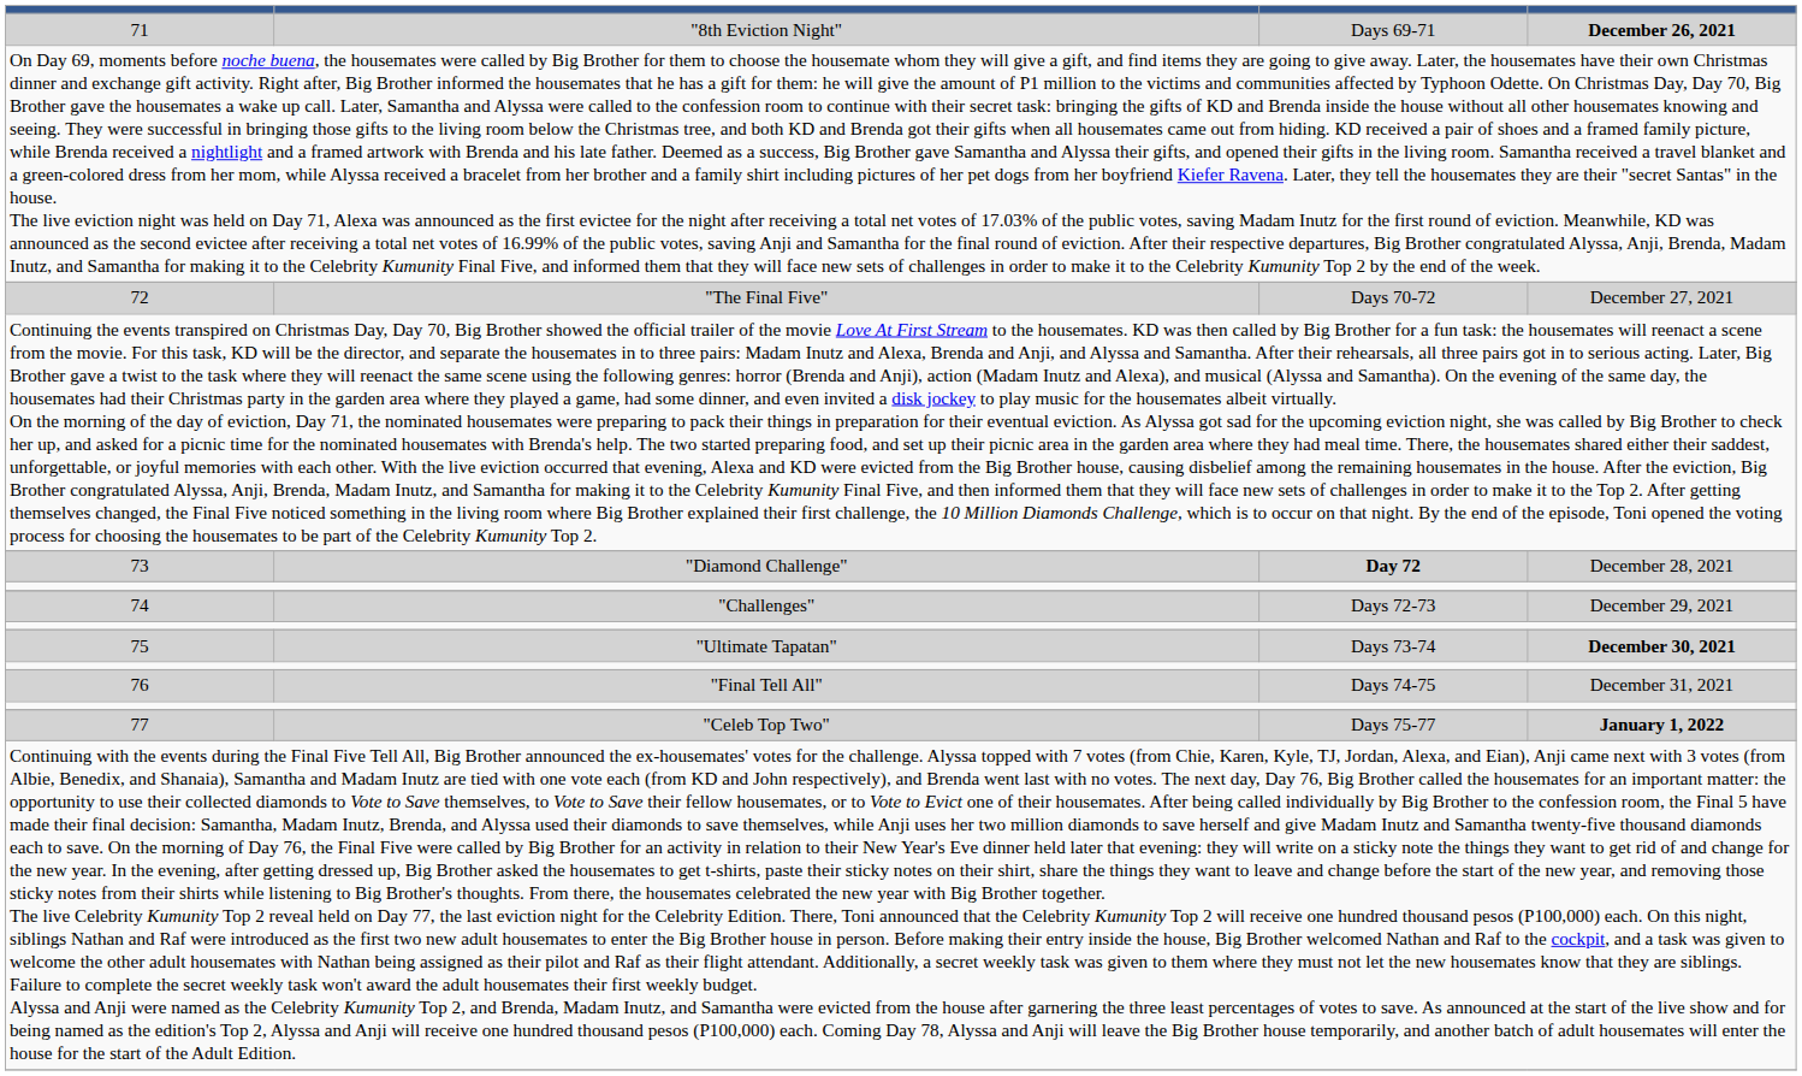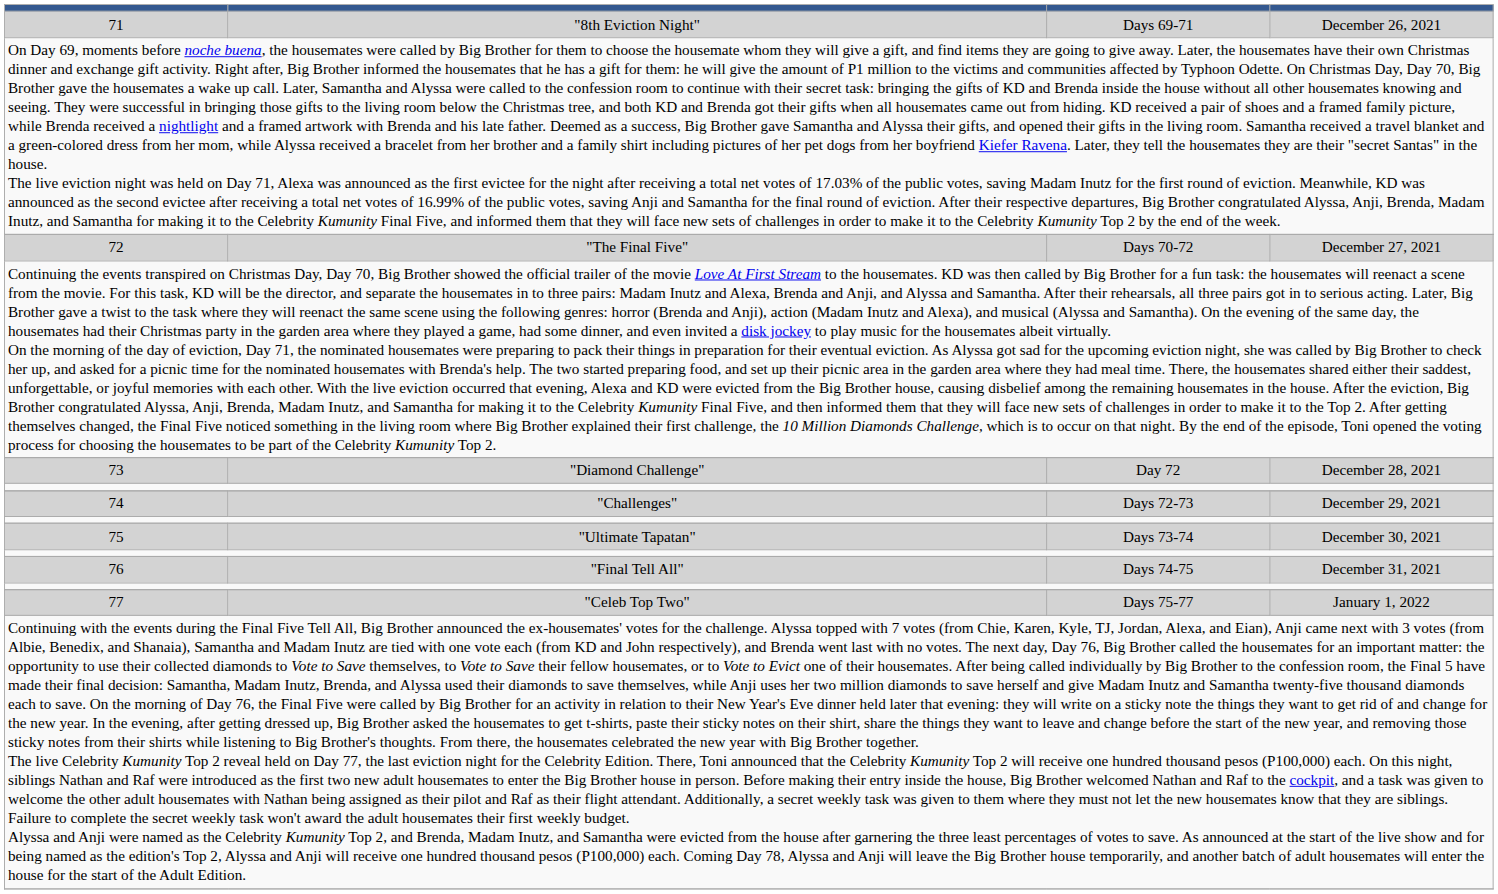 <table class="wikitable sortable" style="font-size:100%; line-height:20px; text-align:center">
 <tr>
 <th width="15%" style="background:#34588F"></th>
 <th width="55%" style="background:#34588F"></th>
 <th width="15%" style="background:#34588F"></th>
 <th width="15%" style="background:#34588F"></th>
 </tr>
 <tr style="background:lightgrey;">
 <td>71</td>
 <td>"8th Eviction Night"</td>
 <td>Days 69-71</td>
-<td><strong>December 26, 2021</strong></td>
+<td>December 26, 2021</td>
 </tr>
 <tr>
 <td colspan="4" align="left">On Day 69, moments before <em><a href='#'>noche buena</a></em>, the housemates were called by Big Brother for them to choose the housemate whom they will give a gift, and find items they are going to give away. Later, the housemates have their own Christmas dinner and exchange gift activity. Right after, Big Brother informed the housemates that he has a gift for them: he will give the amount of P1 million to the victims and communities affected by Typhoon Odette. On Christmas Day, Day 70, Big Brother gave the housemates a wake up call. Later, Samantha and Alyssa were called to the confession room to continue with their secret task: bringing the gifts of KD and Brenda inside the house without all other housemates knowing and seeing. They were successful in bringing those gifts to the living room below the Christmas tree, and both KD and Brenda got their gifts when all housemates came out from hiding. KD received a pair of shoes and a framed family picture, while Brenda received a <a href='#'>nightlight</a> and a framed artwork with Brenda and his late father. Deemed as a success, Big Brother gave Samantha and Alyssa their gifts, and opened their gifts in the living room. Samantha received a travel blanket and a green-colored dress from her mom, while Alyssa received a bracelet from her brother and a family shirt including pictures of her pet dogs from her boyfriend <a href='#'>Kiefer Ravena</a>. Later, they tell the housemates they are their "secret Santas" in the house.<br>The live eviction night was held on Day 71, Alexa was announced as the first evictee for the night after receiving a total net votes of 17.03% of the public votes, saving Madam Inutz for the first round of eviction. Meanwhile, KD was announced as the second evictee after receiving a total net votes of 16.99% of the public votes, saving Anji and Samantha for the final round of eviction. After their respective departures, Big Brother congratulated Alyssa, Anji, Brenda, Madam Inutz, and Samantha for making it to the Celebrity <em>Kumunity</em> Final Five, and informed them that they will face new sets of challenges in order to make it to the Celebrity <em>Kumunity</em> Top 2 by the end of the week.</td>
 </tr>
 <tr>
 </tr>
 <tr style="background:lightgrey;">
 <td>72</td>
 <td>"The Final Five"</td>
 <td>Days 70-72</td>
 <td>December 27, 2021</td>
 </tr>
 <tr>
 <td colspan="4" align="left">Continuing the events transpired on Christmas Day, Day 70, Big Brother showed the official trailer of the movie <em><a href='#'>Love At First Stream</a></em> to the housemates. KD was then called by Big Brother for a fun task: the housemates will reenact a scene from the movie. For this task, KD will be the director, and separate the housemates in to three pairs: Madam Inutz and Alexa, Brenda and Anji, and Alyssa and Samantha. After their rehearsals, all three pairs got in to serious acting. Later, Big Brother gave a twist to the task where they will reenact the same scene using the following genres: horror (Brenda and Anji), action (Madam Inutz and Alexa), and musical (Alyssa and Samantha). On the evening of the same day, the housemates had their Christmas party in the garden area where they played a game, had some dinner, and even invited a <a href='#'>disk jockey</a> to play music for the housemates albeit virtually.<br>On the morning of the day of eviction, Day 71, the nominated housemates were preparing to pack their things in preparation for their eventual eviction. As Alyssa got sad for the upcoming eviction night, she was called by Big Brother to check her up, and asked for a picnic time for the nominated housemates with Brenda's help. The two started preparing food, and set up their picnic area in the garden area where they had meal time. There, the housemates shared either their saddest, unforgettable, or joyful memories with each other. With the live eviction occurred that evening, Alexa and KD were evicted from the Big Brother house, causing disbelief among the remaining housemates in the house. After the eviction, Big Brother congratulated Alyssa, Anji, Brenda, Madam Inutz, and Samantha for making it to the Celebrity <em>Kumunity</em> Final Five, and then informed them that they will face new sets of challenges in order to make it to the Top 2. After getting themselves changed, the Final Five noticed something in the living room where Big Brother explained their first challenge, the <em>10 Million Diamonds Challenge,</em> which is to occur on that night. By the end of the episode, Toni opened the voting process for choosing the housemates to be part of the Celebrity <em>Kumunity</em> Top 2.</td>
 </tr>
 <tr>
 </tr>
 <tr style="background:lightgrey;">
 <td>73</td>
 <td>"Diamond Challenge"</td>
-<td><strong>Day 72</strong></td>
+<td>Day 72</td>
 <td>December 28, 2021</td>
 </tr>
 <tr>
 <td colspan="4" align="left"></td>
 </tr>
 <tr>
 </tr>
 <tr style="background:lightgrey;">
 <td>74</td>
 <td>"Challenges"</td>
 <td>Days 72-73</td>
 <td>December 29, 2021</td>
 </tr>
 <tr>
 <td colspan="4" align="left"></td>
 </tr>
 <tr>
 </tr>
 <tr style="background:lightgrey;">
 <td>75</td>
 <td>"Ultimate Tapatan"</td>
 <td>Days 73-74</td>
-<td><strong>December 30, 2021</strong></td>
+<td>December 30, 2021</td>
 </tr>
 <tr>
 <td colspan="4" align="left"></td>
 </tr>
 <tr>
 </tr>
 <tr style="background:lightgrey;">
 <td>76</td>
 <td>"Final Tell All"</td>
 <td>Days 74-75</td>
 <td>December 31, 2021</td>
 </tr>
 <tr>
 <td colspan="4" align="left"></td>
 </tr>
 <tr>
 </tr>
 <tr style="background:lightgrey;">
 <td>77</td>
 <td>"Celeb Top Two"</td>
 <td>Days 75-77</td>
-<td><strong>January 1, 2022</strong></td>
+<td>January 1, 2022</td>
 </tr>
 <tr>
 <td colspan="4" align="left">Continuing with the events during the Final Five Tell All, Big Brother announced the ex-housemates' votes for the challenge. Alyssa topped with 7 votes (from Chie, Karen, Kyle, TJ, Jordan, Alexa, and Eian), Anji came next with 3 votes (from Albie, Benedix, and Shanaia), Samantha and Madam Inutz are tied with one vote each (from KD and John respectively), and Brenda went last with no votes. The next day, Day 76, Big Brother called the housemates for an important matter: the opportunity to use their collected diamonds to <em>Vote to Save</em> themselves, to <em>Vote to Save</em> their fellow housemates, or to <em>Vote to Evict</em> one of their housemates. After being called individually by Big Brother to the confession room, the Final 5 have made their final decision: Samantha, Madam Inutz, Brenda, and Alyssa used their diamonds to save themselves, while Anji uses her two million diamonds to save herself and give Madam Inutz and Samantha twenty-five thousand diamonds each to save. On the morning of Day 76, the Final Five were called by Big Brother for an activity in relation to their New Year's Eve dinner held later that evening: they will write on a sticky note the things they want to get rid of and change for the new year. In the evening, after getting dressed up, Big Brother asked the housemates to get t-shirts, paste their sticky notes on their shirt, share the things they want to leave and change before the start of the new year, and removing those sticky notes from their shirts while listening to Big Brother's thoughts. From there, the housemates celebrated the new year with Big Brother together.<br>The live Celebrity <em>Kumunity</em> Top 2 reveal held on Day 77, the last eviction night for the Celebrity Edition. There, Toni announced that the Celebrity <em>Kumunity</em> Top 2 will receive one hundred thousand pesos (P100,000) each. On this night, siblings Nathan and Raf were introduced as the first two new adult housemates to enter the Big Brother house in person. Before making their entry inside the house, Big Brother welcomed Nathan and Raf to the <a href='#'>cockpit</a>, and a task was given to welcome the other adult housemates with Nathan being assigned as their pilot and Raf as their flight attendant. Additionally, a secret weekly task was given to them where they must not let the new housemates know that they are siblings. Failure to complete the secret weekly task won't award the adult housemates their first weekly budget.<br>Alyssa and Anji were named as the Celebrity <em>Kumunity</em> Top 2, and Brenda, Madam Inutz, and Samantha were evicted from the house after garnering the three least percentages of votes to save. As announced at the start of the live show and for being named as the edition's Top 2, Alyssa and Anji will receive one hundred thousand pesos (P100,000) each. Coming Day 78, Alyssa and Anji will leave the Big Brother house temporarily, and another batch of adult housemates will enter the house for the start of the Adult Edition.</td>
 </tr>
 <tr>
 </tr>
 </table>
